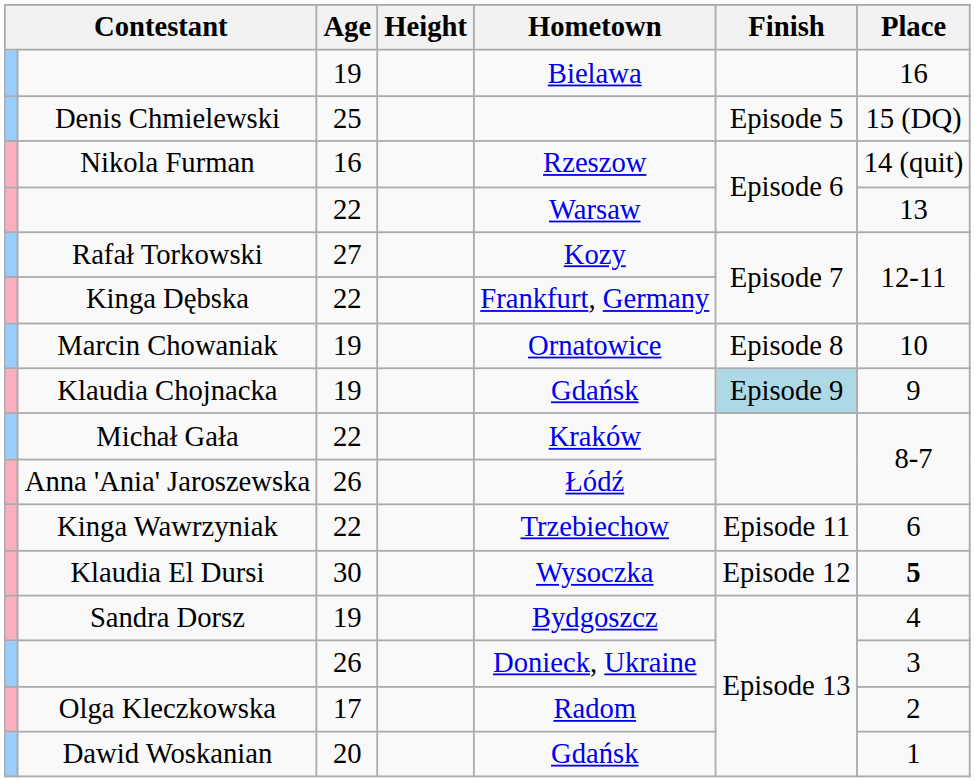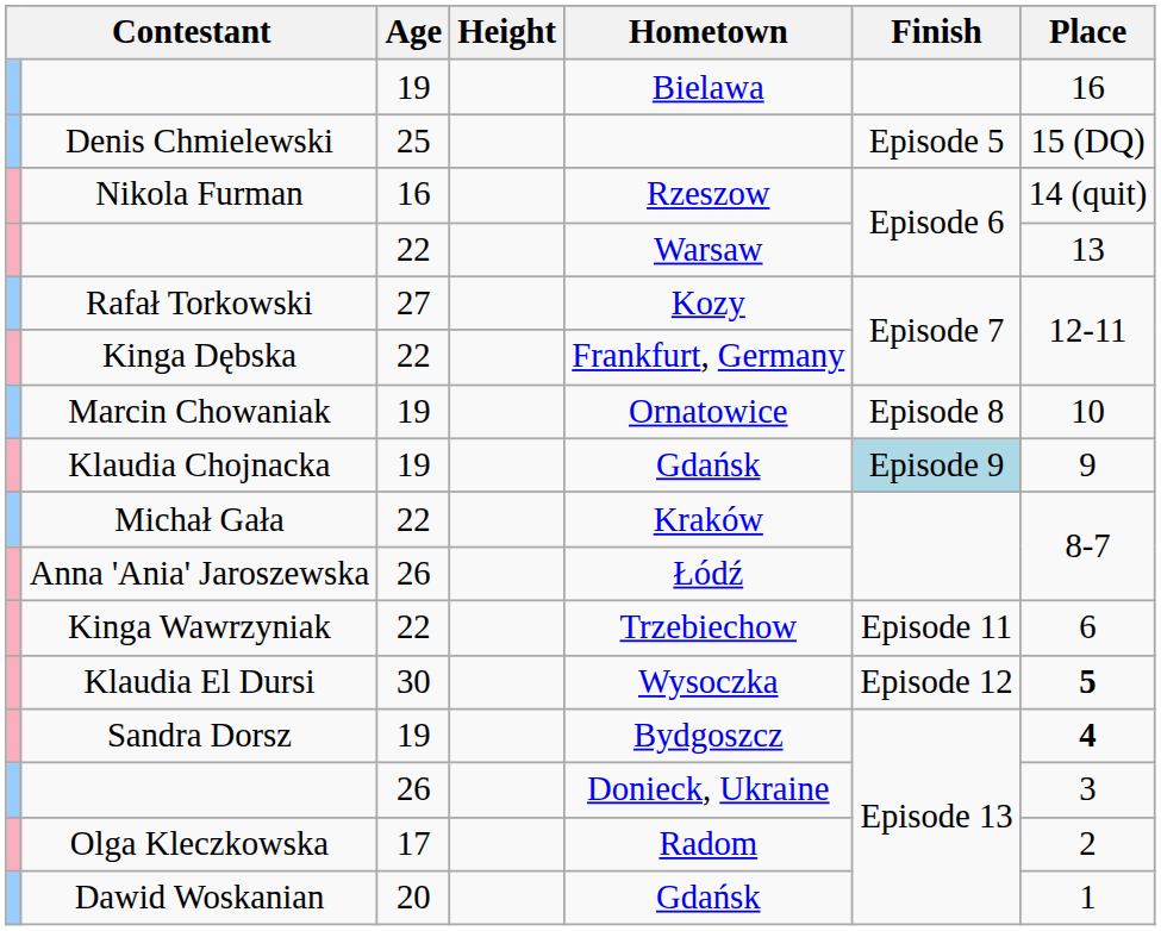 <table class="wikitable sortable" style="text-align:center;">
 <tr>
 <th colspan="2">Contestant</th>
 <th>Age</th>
 <th>Height</th>
 <th>Hometown</th>
 <th>Finish</th>
 <th>Place</th>
 </tr>
 <tr>
 <td style="background:#9cf;"></td>
 <td></td>
 <td>19</td>
 <td></td>
 <td><a href='#'>Bielawa</a></td>
 <td></td>
 <td>16</td>
 </tr>
 <tr>
 <td style="background:#9cf;"></td>
 <td>Denis Chmielewski</td>
 <td>25</td>
 <td></td>
 <td></td>
 <td>Episode 5</td>
 <td nowrap>15 (DQ)</td>
 </tr>
 <tr>
 <td style="background:#faafbe"></td>
 <td>Nikola Furman</td>
 <td>16</td>
 <td></td>
 <td><a href='#'>Rzeszow</a></td>
 <td rowspan="2">Episode 6</td>
 <td nowrap>14 (quit)</td>
 </tr>
 <tr>
 <td style="background:#faafbe"></td>
 <td></td>
 <td>22</td>
 <td></td>
 <td><a href='#'>Warsaw</a></td>
 <td>13</td>
 </tr>
 <tr>
 <td style="background:#9cf;"></td>
 <td>Rafał Torkowski</td>
 <td>27</td>
 <td></td>
 <td><a href='#'>Kozy</a></td>
 <td rowspan="2">Episode 7</td>
 <td rowspan="2">12-11</td>
 </tr>
 <tr>
 <td style="background:#faafbe"></td>
 <td>Kinga Dębska</td>
 <td>22</td>
 <td></td>
 <td><a href='#'>Frankfurt</a>, <a href='#'>Germany</a></td>
 </tr>
 <tr>
 <td style="background:#9cf;"></td>
 <td>Marcin Chowaniak</td>
 <td>19</td>
 <td></td>
 <td><a href='#'>Ornatowice</a></td>
 <td>Episode 8</td>
 <td>10</td>
 </tr>
 <tr>
 <td style="background:#faafbe"></td>
 <td>Klaudia Chojnacka</td>
 <td>19</td>
 <td></td>
 <td><a href='#'>Gdańsk</a></td>
 <td style="background: lightblue;">Episode 9</td>
 <td>9</td>
 </tr>
 <tr>
 <td style="background:#9cf;"></td>
 <td>Michał Gała</td>
 <td>22</td>
 <td></td>
 <td><a href='#'>Kraków</a></td>
 <td rowspan="2"></td>
 <td rowspan="2">8-7</td>
 </tr>
 <tr>
 <td style="background:#faafbe"></td>
 <td>Anna 'Ania' Jaroszewska</td>
 <td>26</td>
 <td></td>
 <td><a href='#'>Łódź</a></td>
 </tr>
 <tr>
 <td style="background:#faafbe"></td>
 <td>Kinga Wawrzyniak</td>
 <td>22</td>
 <td></td>
 <td><a href='#'>Trzebiechow</a></td>
 <td>Episode 11</td>
 <td>6</td>
 </tr>
 <tr>
 <td style="background:#faafbe"></td>
 <td>Klaudia El Dursi</td>
 <td>30</td>
 <td></td>
 <td><a href='#'>Wysoczka</a></td>
 <td>Episode 12</td>
 <td><strong>5</strong></td>
 </tr>
 <tr>
 <td style="background:#faafbe"></td>
 <td>Sandra Dorsz</td>
 <td>19</td>
 <td></td>
 <td><a href='#'>Bydgoszcz</a></td>
 <td rowspan="4">Episode 13</td>
-<td>4</td>
+<td><strong>4</strong></td>
 </tr>
 <tr>
 <td style="background:#9cf;"></td>
 <td></td>
 <td>26</td>
 <td></td>
 <td><a href='#'>Donieck</a>, <a href='#'>Ukraine</a></td>
 <td>3</td>
 </tr>
 <tr>
 <td style="background:#faafbe"></td>
 <td>Olga Kleczkowska</td>
 <td>17</td>
 <td></td>
 <td><a href='#'>Radom</a></td>
 <td>2</td>
 </tr>
 <tr>
 <td style="background:#9cf;"></td>
 <td>Dawid Woskanian</td>
 <td>20</td>
 <td></td>
 <td><a href='#'>Gdańsk</a></td>
 <td>1</td>
 </tr>
 </table>
